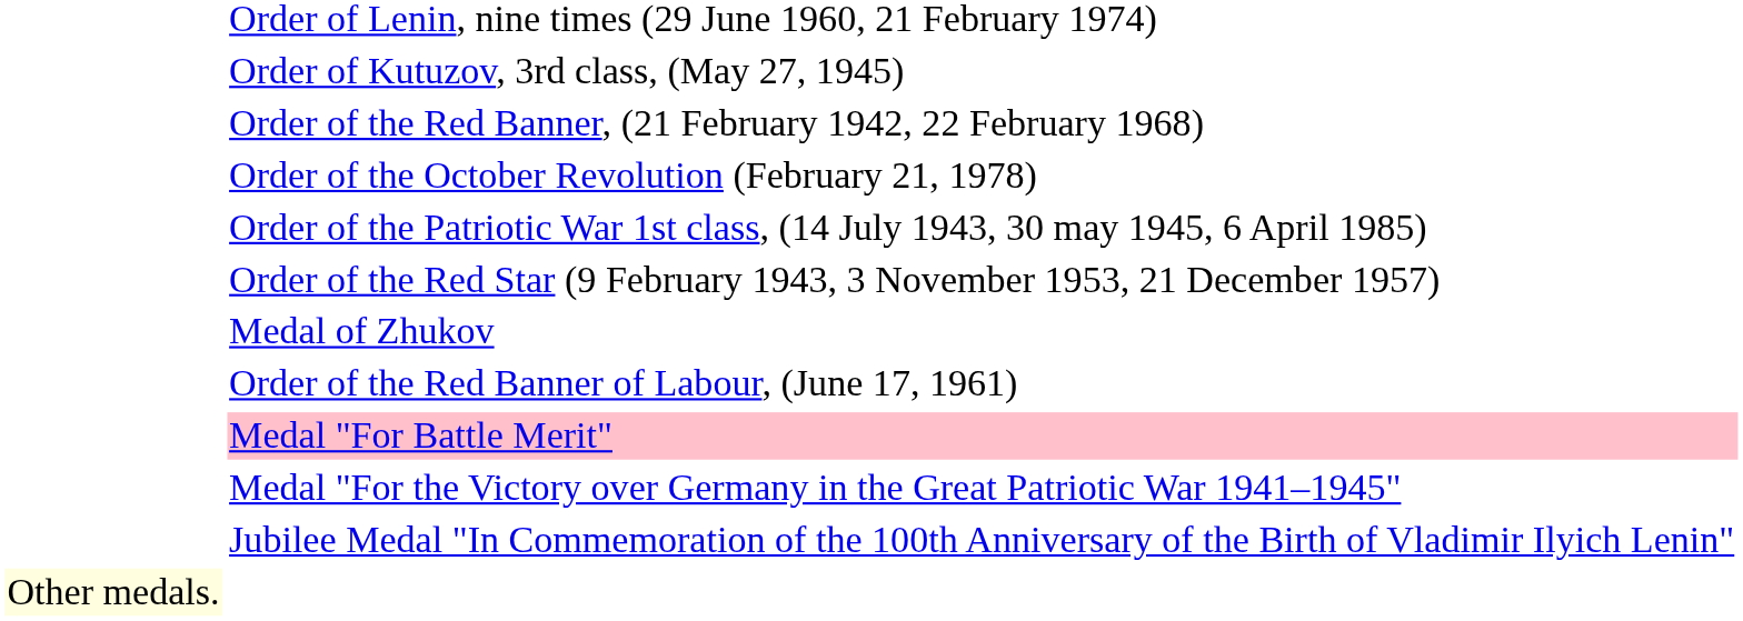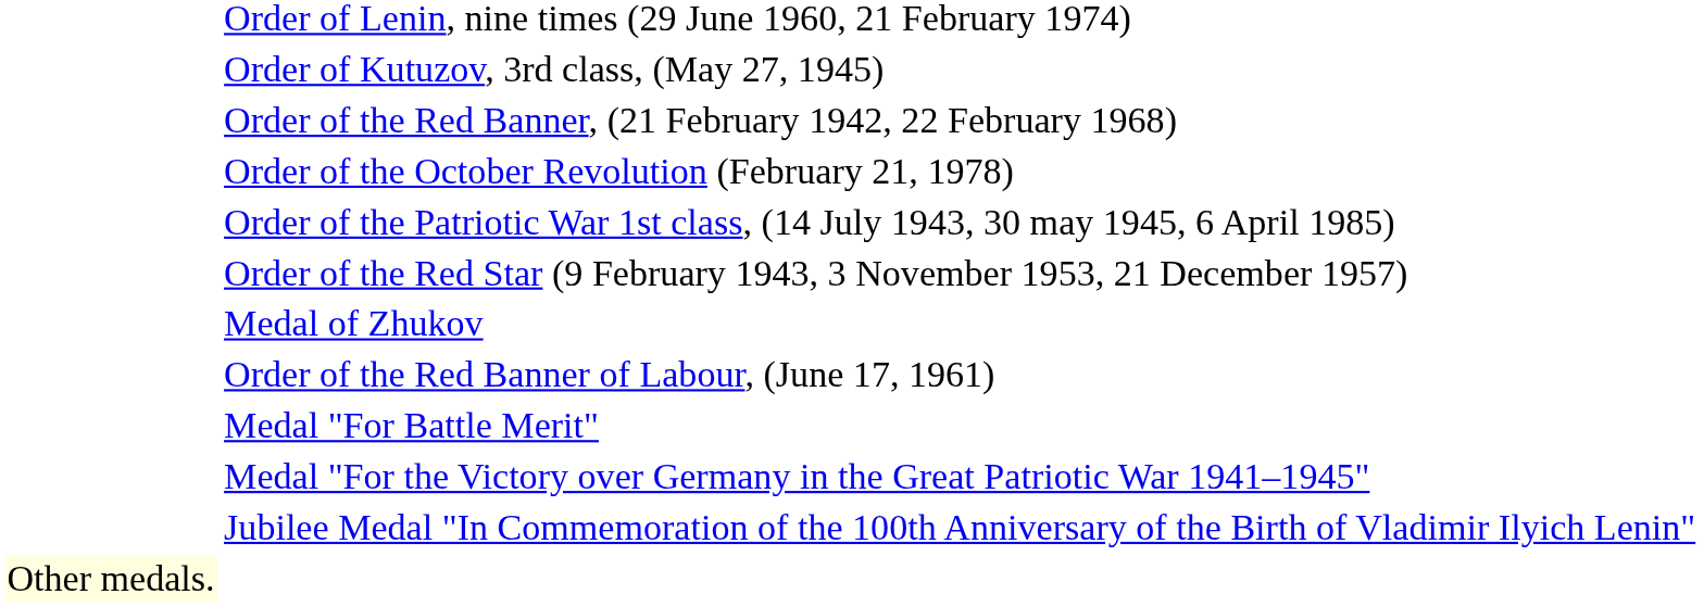 <table>
 <tr>
 <td></td>
 <td><a href='#'>Order of Lenin</a>, nine times (29 June 1960, 21 February 1974)</td>
 </tr>
 <tr>
 <td></td>
 <td><a href='#'>Order of Kutuzov</a>, 3rd class, (May 27, 1945)</td>
 </tr>
 <tr>
 <td></td>
 <td><a href='#'>Order of the Red Banner</a>, (21 February 1942, 22 February 1968)</td>
 </tr>
 <tr>
 <td></td>
 <td><a href='#'>Order of the October Revolution</a> (February 21, 1978)</td>
 </tr>
 <tr>
 <td></td>
 <td><a href='#'>Order of the Patriotic War 1st class</a>, (14 July 1943, 30 may 1945, 6 April 1985)</td>
 </tr>
 <tr>
 <td></td>
 <td><a href='#'>Order of the Red Star</a> (9 February 1943, 3 November 1953, 21 December 1957)</td>
 </tr>
 <tr>
 <td></td>
 <td><a href='#'>Medal of Zhukov</a></td>
 </tr>
 <tr>
 <td></td>
 <td><a href='#'>Order of the Red Banner of Labour</a>, (June 17, 1961)</td>
 </tr>
 <tr>
 <td></td>
-<td style="background: pink;"><a href='#'>Medal "For Battle Merit"</a></td>
+<td><a href='#'>Medal "For Battle Merit"</a></td>
 </tr>
 <tr>
 <td></td>
 <td><a href='#'>Medal "For the Victory over Germany in the Great Patriotic War 1941–1945"</a></td>
 </tr>
 <tr>
 <td></td>
 <td><a href='#'>Jubilee Medal "In Commemoration of the 100th Anniversary of the Birth of Vladimir Ilyich Lenin"</a></td>
 </tr>
 <tr>
 <td style="background: lightyellow;">Other medals.</td>
 </tr>
 <tr>
 </tr>
 </table>
